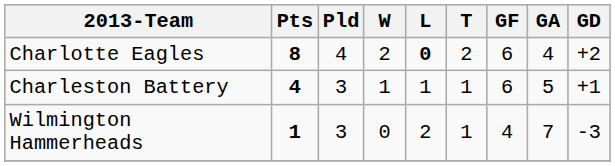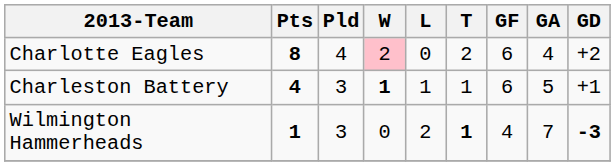 <table class="wikitable" style="text-align: center;">
 <tr>
 <th width="165">2013-Team</th>
 <th width="20">Pts</th>
 <th width="20">Pld</th>
 <th width="20">W</th>
 <th width="20">L</th>
 <th width="20">T</th>
 <th width="20">GF</th>
 <th width="20">GA</th>
 <th width="20">GD</th>
 </tr>
 <tr>
 <td style="text-align:left;">Charlotte Eagles</td>
 <td><strong>8</strong></td>
 <td>4</td>
-<td>2</td>
-<td><strong>0</strong></td>
+<td style="background: pink;">2</td>
+<td>0</td>
 <td>2</td>
 <td>6</td>
 <td>4</td>
 <td>+2</td>
 </tr>
 <tr>
 <td style="text-align:left;">Charleston Battery</td>
 <td><strong>4</strong></td>
 <td>3</td>
-<td>1</td>
+<td><strong>1</strong></td>
 <td>1</td>
 <td>1</td>
 <td>6</td>
 <td>5</td>
 <td>+1</td>
 </tr>
 <tr>
 <td style="text-align:left;">Wilmington Hammerheads</td>
 <td><strong>1</strong></td>
 <td>3</td>
 <td>0</td>
 <td>2</td>
-<td>1</td>
+<td><strong>1</strong></td>
 <td>4</td>
 <td>7</td>
-<td>-3</td>
+<td><strong>-3</strong></td>
 </tr>
 <tr>
 </tr>
 </table>
